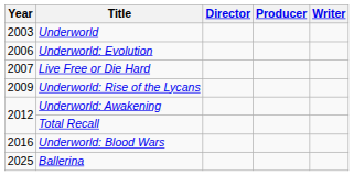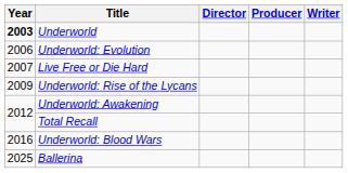 <table class="wikitable">
 <tr>
 <th>Year</th>
 <th>Title</th>
 <th><a href='#'>Director</a></th>
 <th><a href='#'>Producer</a></th>
 <th><a href='#'>Writer</a></th>
 </tr>
 <tr>
-<td>2003</td>
+<td><strong>2003</strong></td>
 <td><em><a href='#'>Underworld</a></em></td>
 <td></td>
 <td></td>
 <td></td>
 </tr>
 <tr>
 <td>2006</td>
 <td><em><a href='#'>Underworld: Evolution</a></em></td>
 <td></td>
 <td></td>
 <td></td>
 </tr>
 <tr>
 <td>2007</td>
 <td><em><a href='#'>Live Free or Die Hard</a></em></td>
 <td></td>
 <td></td>
 <td></td>
 </tr>
 <tr>
 <td>2009</td>
 <td><em><a href='#'>Underworld: Rise of the Lycans</a></em></td>
 <td></td>
 <td></td>
 <td></td>
 </tr>
 <tr>
 <td rowspan="2">2012</td>
 <td><em><a href='#'>Underworld: Awakening</a></em></td>
 <td></td>
 <td></td>
 <td></td>
 </tr>
 <tr>
 <td><em><a href='#'>Total Recall</a></em></td>
 <td></td>
 <td></td>
 <td></td>
 </tr>
 <tr>
 <td>2016</td>
 <td><em><a href='#'>Underworld: Blood Wars</a></em></td>
 <td></td>
 <td></td>
 <td></td>
 </tr>
 <tr>
 <td>2025</td>
 <td><em><a href='#'>Ballerina</a></em></td>
 <td></td>
 <td></td>
 <td></td>
 </tr>
 </table>
